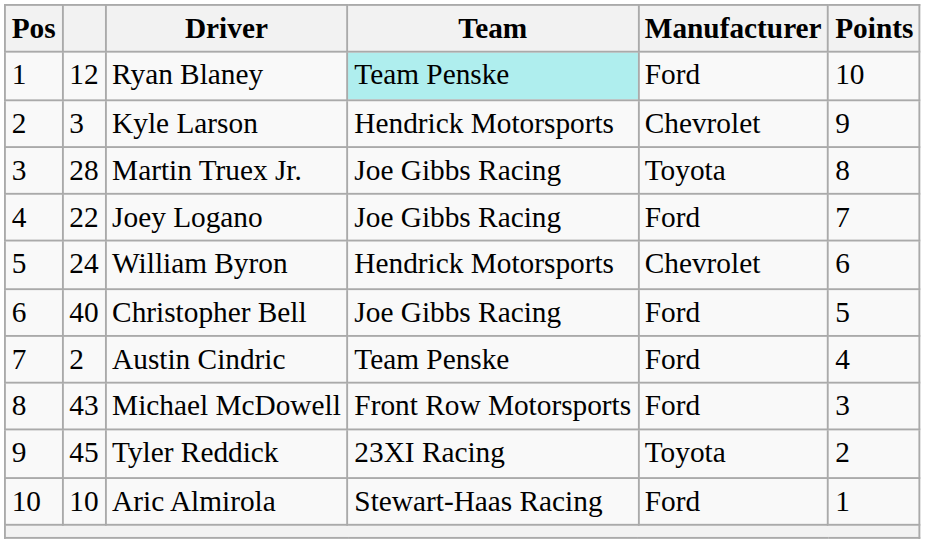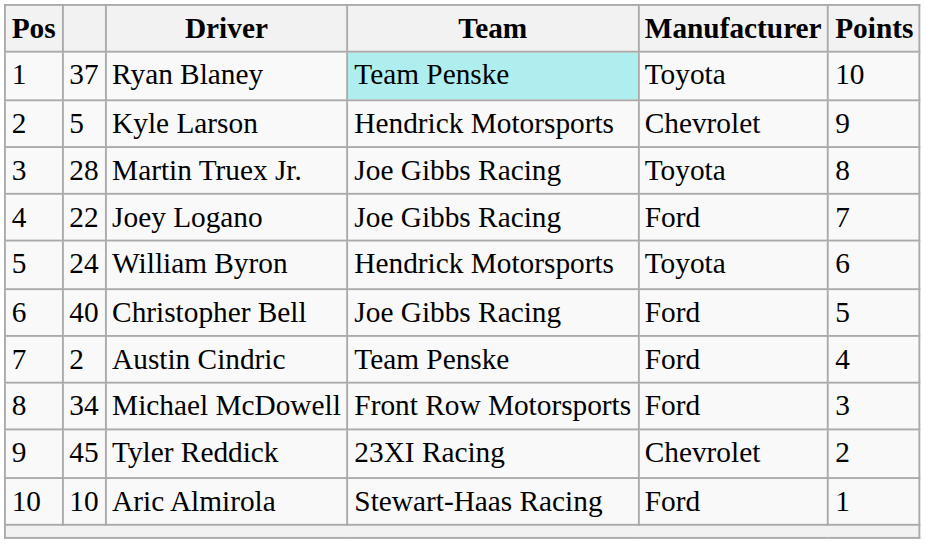 <table class="wikitable" style="font-size:98%">
 <tr>
 <th>Pos</th>
 <th></th>
 <th>Driver</th>
 <th>Team</th>
 <th>Manufacturer</th>
 <th>Points</th>
 </tr>
 <tr>
 <td>1</td>
-<td>12</td>
+<td>37</td>
 <td>Ryan Blaney</td>
 <td style="background: paleturquoise;">Team Penske</td>
-<td>Ford</td>
+<td>Toyota</td>
 <td>10</td>
 </tr>
 <tr>
 <td>2</td>
-<td>3</td>
+<td>5</td>
 <td>Kyle Larson</td>
 <td>Hendrick Motorsports</td>
 <td>Chevrolet</td>
 <td>9</td>
 </tr>
 <tr>
 <td>3</td>
 <td>28</td>
 <td>Martin Truex Jr.</td>
 <td>Joe Gibbs Racing</td>
 <td>Toyota</td>
 <td>8</td>
 </tr>
 <tr>
 <td>4</td>
 <td>22</td>
 <td>Joey Logano</td>
 <td>Joe Gibbs Racing</td>
 <td>Ford</td>
 <td>7</td>
 </tr>
 <tr>
 <td>5</td>
 <td>24</td>
 <td>William Byron</td>
 <td>Hendrick Motorsports</td>
-<td>Chevrolet</td>
+<td>Toyota</td>
 <td>6</td>
 </tr>
 <tr>
 <td>6</td>
 <td>40</td>
 <td>Christopher Bell</td>
 <td>Joe Gibbs Racing</td>
 <td>Ford</td>
 <td>5</td>
 </tr>
 <tr>
 <td>7</td>
 <td>2</td>
 <td>Austin Cindric</td>
 <td>Team Penske</td>
 <td>Ford</td>
 <td>4</td>
 </tr>
 <tr>
 <td>8</td>
-<td>43</td>
+<td>34</td>
 <td>Michael McDowell</td>
 <td>Front Row Motorsports</td>
 <td>Ford</td>
 <td>3</td>
 </tr>
 <tr>
 <td>9</td>
 <td>45</td>
 <td>Tyler Reddick</td>
 <td>23XI Racing</td>
-<td>Toyota</td>
+<td>Chevrolet</td>
 <td>2</td>
 </tr>
 <tr>
 <td>10</td>
 <td>10</td>
 <td>Aric Almirola</td>
 <td>Stewart-Haas Racing</td>
 <td>Ford</td>
 <td>1</td>
 </tr>
 <tr>
 <th colspan="6"></th>
 </tr>
 </table>
